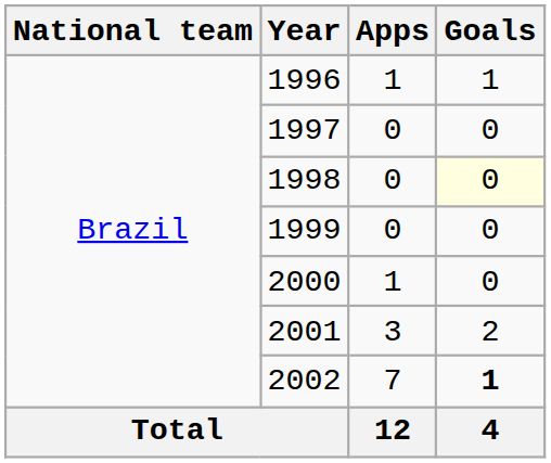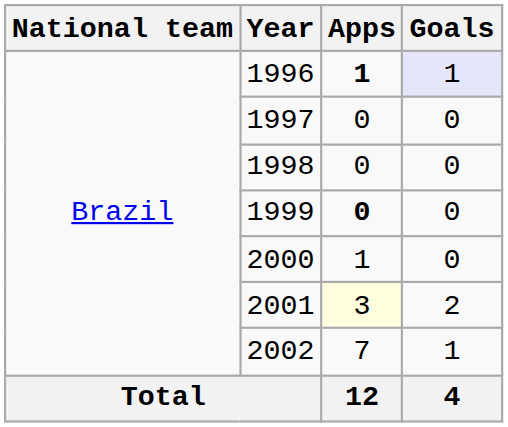 <table class="wikitable" style="text-align:center">
 <tr>
 <th>National team</th>
 <th>Year</th>
 <th>Apps</th>
 <th>Goals</th>
 </tr>
 <tr>
 <td rowspan="7"><a href='#'>Brazil</a></td>
 <td>1996</td>
-<td>1</td>
-<td>1</td>
+<td><strong>1</strong></td>
+<td style="background: lavender;">1</td>
 </tr>
 <tr>
 <td>1997</td>
 <td>0</td>
 <td>0</td>
 </tr>
 <tr>
 <td>1998</td>
 <td>0</td>
-<td style="background: lightyellow;">0</td>
+<td>0</td>
 </tr>
 <tr>
 <td>1999</td>
-<td>0</td>
+<td><strong>0</strong></td>
 <td>0</td>
 </tr>
 <tr>
 <td>2000</td>
 <td>1</td>
 <td>0</td>
 </tr>
 <tr>
 <td>2001</td>
-<td>3</td>
+<td style="background: lightyellow;">3</td>
 <td>2</td>
 </tr>
 <tr>
 <td>2002</td>
 <td>7</td>
-<td><strong>1</strong></td>
+<td>1</td>
 </tr>
 <tr>
 <th colspan="2">Total</th>
 <th>12</th>
 <th>4</th>
 </tr>
 </table>
